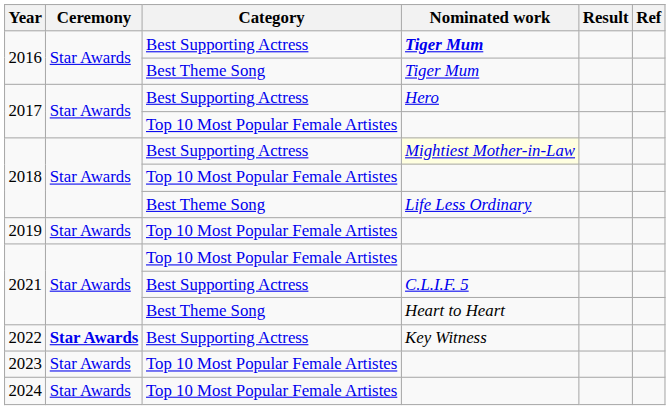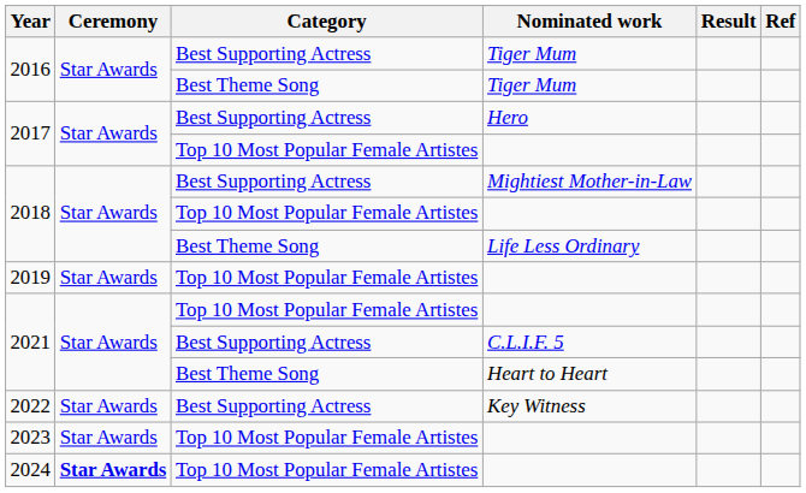 <table class="wikitable sortable">
 <tr>
 <th>Year</th>
 <th>Ceremony</th>
 <th>Category</th>
 <th>Nominated work</th>
 <th>Result</th>
 <th class="unsortable">Ref</th>
 </tr>
 <tr>
 <td rowspan="2">2016</td>
 <td rowspan="2"><a href='#'>Star Awards</a></td>
 <td><a href='#'>Best Supporting Actress</a></td>
-<td><strong><em><a href='#'>Tiger Mum</a></em> <br> </strong></td>
+<td><em><a href='#'>Tiger Mum</a></em> <br> </td>
 <td></td>
 <td></td>
 </tr>
 <tr>
 <td><a href='#'>Best Theme Song</a></td>
 <td><em><a href='#'>Tiger Mum</a></em> </td>
 <td></td>
 <td></td>
 </tr>
 <tr>
 <td rowspan="2">2017</td>
 <td rowspan="2"><a href='#'>Star Awards</a></td>
 <td><a href='#'>Best Supporting Actress</a></td>
 <td><em><a href='#'>Hero</a></em> </td>
 <td></td>
 <td></td>
 </tr>
 <tr>
 <td><a href='#'>Top 10 Most Popular Female Artistes</a></td>
 <td></td>
 <td></td>
 <td></td>
 </tr>
 <tr>
 <td rowspan="3">2018</td>
 <td rowspan="3"><a href='#'>Star Awards</a></td>
 <td><a href='#'>Best Supporting Actress</a></td>
-<td style="background: lightyellow;"><em><a href='#'>Mightiest Mother-in-Law</a></em> <br> </td>
+<td><em><a href='#'>Mightiest Mother-in-Law</a></em> <br> </td>
 <td></td>
 <td></td>
 </tr>
 <tr>
 <td><a href='#'>Top 10 Most Popular Female Artistes</a></td>
 <td></td>
 <td></td>
 <td></td>
 </tr>
 <tr>
 <td><a href='#'>Best Theme Song</a></td>
 <td><em><a href='#'>Life Less Ordinary</a></em> </td>
 <td></td>
 <td></td>
 </tr>
 <tr>
 <td>2019</td>
 <td><a href='#'>Star Awards</a></td>
 <td><a href='#'>Top 10 Most Popular Female Artistes</a></td>
 <td></td>
 <td></td>
 <td></td>
 </tr>
 <tr>
 <td rowspan="3">2021</td>
 <td rowspan="3"><a href='#'>Star Awards</a></td>
 <td><a href='#'>Top 10 Most Popular Female Artistes</a></td>
 <td></td>
 <td></td>
 <td></td>
 </tr>
 <tr>
 <td><a href='#'>Best Supporting Actress</a></td>
 <td><em><a href='#'>C.L.I.F. 5</a></em> </td>
 <td></td>
 <td></td>
 </tr>
 <tr>
 <td><a href='#'>Best Theme Song</a></td>
 <td><em>Heart to Heart</em> </td>
 <td></td>
 <td></td>
 </tr>
 <tr>
 <td rowspan=1>2022</td>
-<td><strong><a href='#'>Star Awards</a></strong></td>
+<td><a href='#'>Star Awards</a></td>
 <td><a href='#'>Best Supporting Actress</a></td>
 <td><em>Key Witness</em> </td>
 <td></td>
 <td></td>
 </tr>
 <tr>
 <td rowspan="1">2023</td>
 <td><a href='#'>Star Awards</a></td>
 <td><a href='#'>Top 10 Most Popular Female Artistes</a></td>
 <td></td>
 <td></td>
 <td></td>
 </tr>
 <tr>
 <td rowspan="1">2024</td>
-<td><a href='#'>Star Awards</a></td>
+<td><strong><a href='#'>Star Awards</a></strong></td>
 <td><a href='#'>Top 10 Most Popular Female Artistes</a></td>
 <td></td>
 <td></td>
 <td></td>
 </tr>
 </table>
